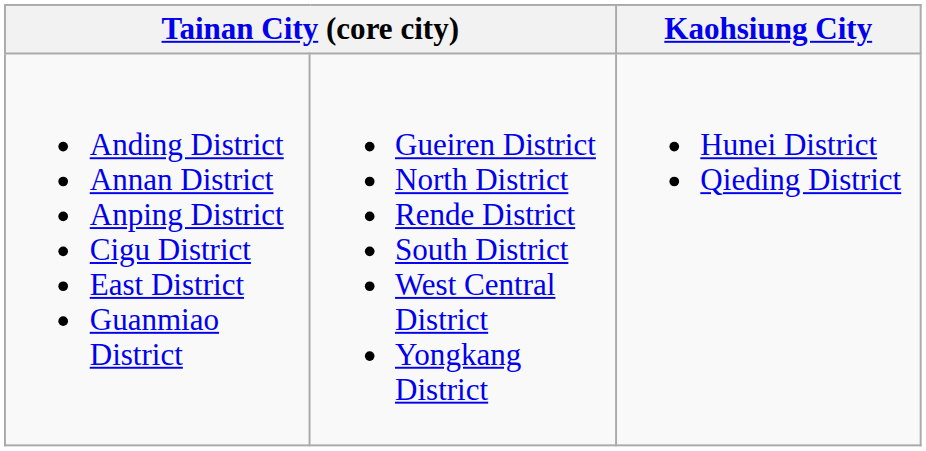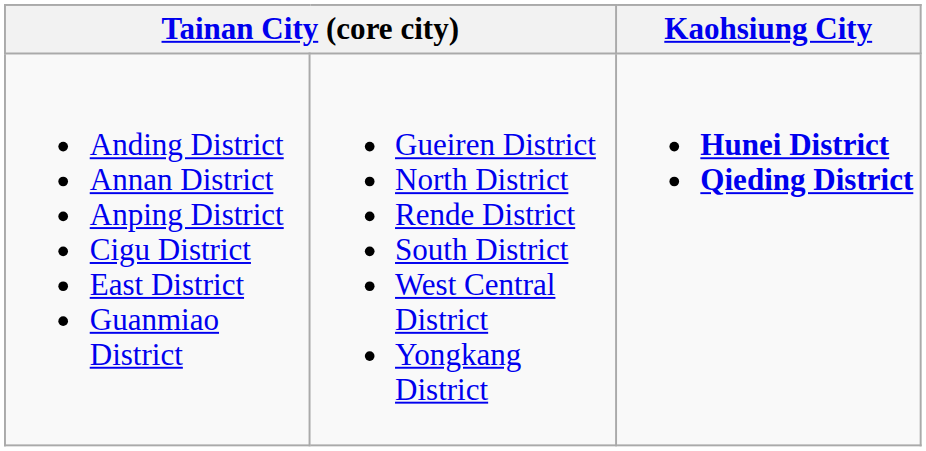 <table class=wikitable>
 <tr>
 <th colspan=2><a href='#'>Tainan City</a> (core city)</th>
 <th><a href='#'>Kaohsiung City</a></th>
 </tr>
 <tr>
 <td width=150 valign=top><br><ul><li><a href='#'>Anding District</a></li><li><a href='#'>Annan District</a></li><li><a href='#'>Anping District</a></li><li><a href='#'>Cigu District</a></li><li><a href='#'>East District</a></li><li><a href='#'>Guanmiao District</a></li></ul></td>
 <td width=150 valign=top><br><ul><li><a href='#'>Gueiren District</a></li><li><a href='#'>North District</a></li><li><a href='#'>Rende District</a></li><li><a href='#'>South District</a></li><li><a href='#'>West Central District</a></li><li><a href='#'>Yongkang District</a></li></ul></td>
-<td width=150 valign=top><br><ul><li><a href='#'>Hunei District</a></li><li><a href='#'>Qieding District</a></li></ul></td>
+<td width=150 valign=top><strong><br><ul><li><a href='#'>Hunei District</a></li><li><a href='#'>Qieding District</a></li></ul></strong></td>
 </tr>
 </table>
